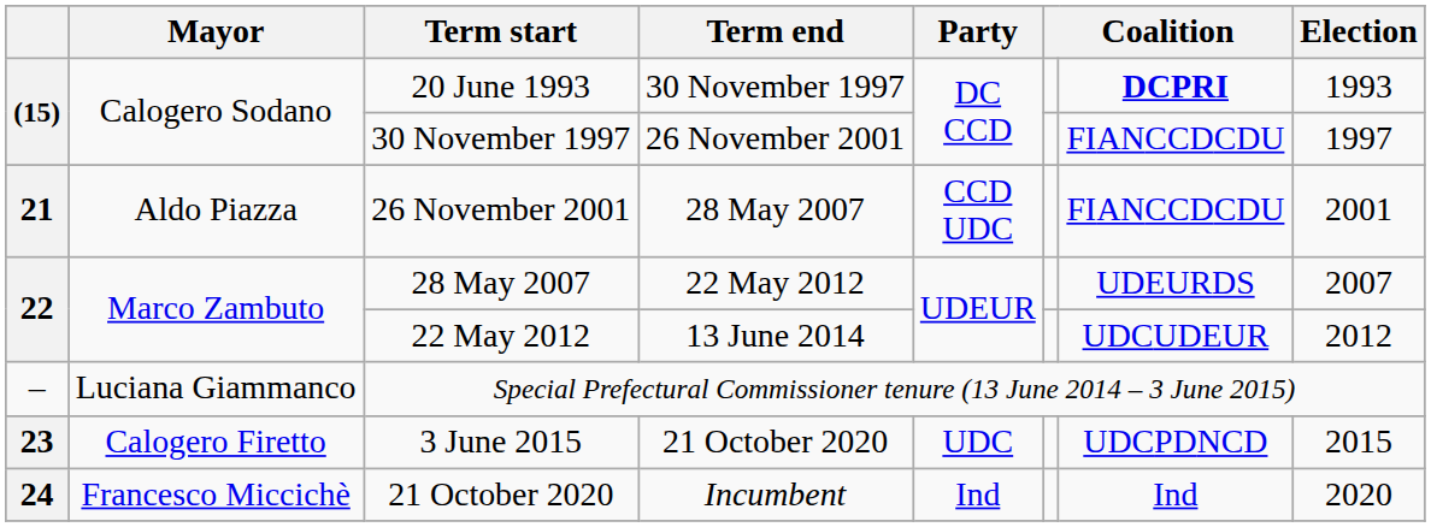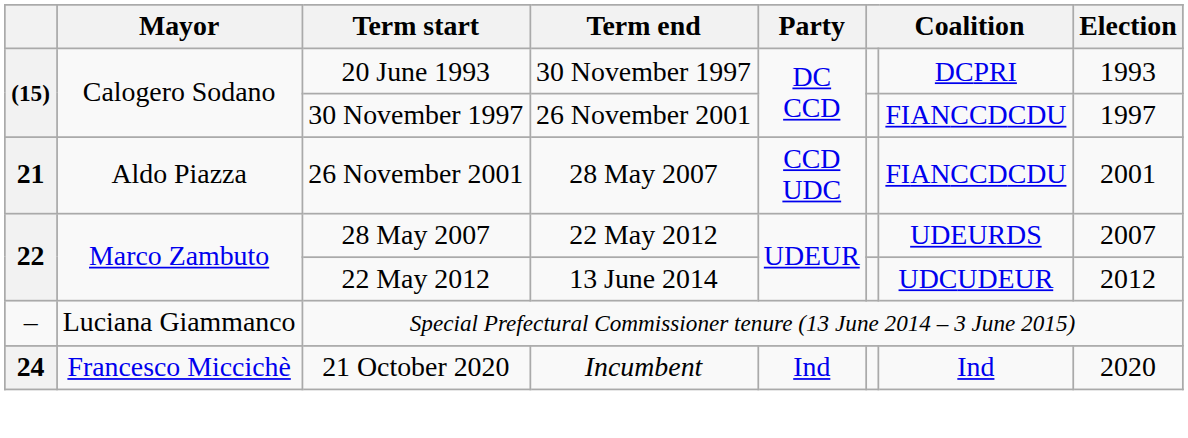 <table class="wikitable" style="text-align: center;">
 <tr>
 <th class=unsortable> </th>
 <th>Mayor</th>
 <th>Term start</th>
 <th>Term end</th>
 <th>Party</th>
 <th colspan="2">Coalition</th>
 <th>Election</th>
 </tr>
 <tr>
 <th rowspan=2 style="background:"><small><strong>(15)</strong></small></th>
 <td rowspan=2>Calogero Sodano</td>
 <td>20 June 1993</td>
 <td>30 November 1997</td>
 <td rowspan=2><a href='#'>DC</a><br><a href='#'>CCD</a></td>
 <td style="background: "></td>
-<td><strong><a href='#'>DC</a><a href='#'>PRI</a></strong></td>
+<td><a href='#'>DC</a><a href='#'>PRI</a></td>
 <td>1993</td>
 </tr>
 <tr>
 <td>30 November 1997</td>
 <td>26 November 2001</td>
 <td style="background: "></td>
 <td><a href='#'>FI</a><a href='#'>AN</a><a href='#'>CCD</a><a href='#'>CDU</a></td>
 <td>1997</td>
 </tr>
 <tr>
 <th style="background:">21</th>
 <td>Aldo Piazza</td>
 <td>26 November 2001</td>
 <td>28 May 2007</td>
 <td><a href='#'>CCD</a><br><a href='#'>UDC</a></td>
 <td style="background: "></td>
 <td><a href='#'>FI</a><a href='#'>AN</a><a href='#'>CCD</a><a href='#'>CDU</a></td>
 <td>2001</td>
 </tr>
 <tr>
 <th rowspan=2 style="background:">22</th>
 <td rowspan=2><a href='#'>Marco Zambuto</a></td>
 <td>28 May 2007</td>
 <td>22 May 2012</td>
 <td rowspan=2><a href='#'>UDEUR</a></td>
 <td style="background: "></td>
 <td><a href='#'>UDEUR</a><a href='#'>DS</a></td>
 <td>2007</td>
 </tr>
 <tr>
 <td>22 May 2012</td>
 <td>13 June 2014</td>
 <td style="background: "></td>
 <td><a href='#'>UDC</a><a href='#'>UDEUR</a></td>
 <td>2012</td>
 </tr>
 <tr>
 <td>–</td>
 <td>Luciana Giammanco</td>
 <td colspan="6"><small><em>Special Prefectural Commissioner tenure (13 June 2014 – 3 June 2015)</em></small></td>
 </tr>
 <tr>
-<th style="background:">23</th>
-<td><a href='#'>Calogero Firetto</a></td>
-<td>3 June 2015</td>
-<td>21 October 2020</td>
-<td><a href='#'>UDC</a></td>
-<td style="background: "></td>
-<td><a href='#'>UDC</a><a href='#'>PD</a><a href='#'>NCD</a></td>
-<td>2015</td>
-</tr>
-<tr>
 <th style="background:">24</th>
 <td><a href='#'>Francesco Miccichè</a></td>
 <td>21 October 2020</td>
 <td><em>Incumbent</em></td>
 <td><a href='#'>Ind</a></td>
 <td style="background: "></td>
 <td><a href='#'>Ind</a></td>
 <td>2020</td>
 </tr>
 </table>
